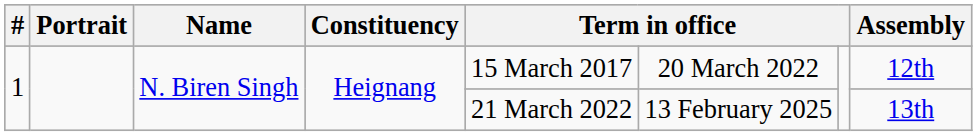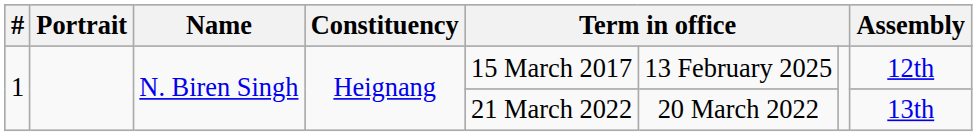 <table class="wikitable plainrowheaders" style="text-align:center">
 <tr align=center>
 <th>#</th>
 <th>Portrait</th>
 <th>Name</th>
 <th>Constituency</th>
 <th colspan="3">Term in office</th>
 <th>Assembly</th>
 </tr>
 <tr align="center">
 <td rowspan="2">1</td>
 <td rowspan="2"></td>
 <td rowspan="2"><a href='#'>N. Biren Singh</a></td>
 <td rowspan="2"><a href='#'>Heignang</a></td>
 <td>15 March 2017</td>
-<td>20 March 2022</td>
+<td>13 February 2025</td>
 <td rowspan="2"></td>
 <td><a href='#'>12th</a></td>
 </tr>
 <tr>
 <td>21 March 2022</td>
-<td>13 February 2025</td>
+<td>20 March 2022</td>
 <td><a href='#'>13th</a></td>
 </tr>
 </table>
